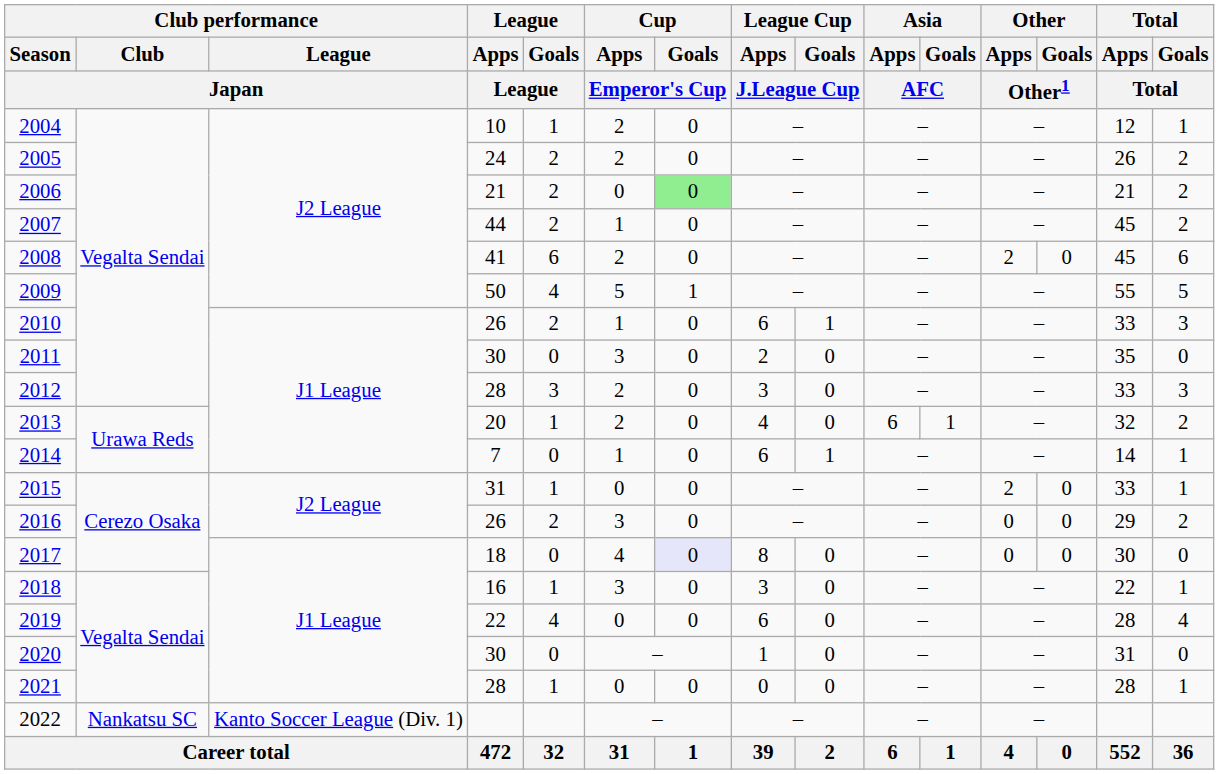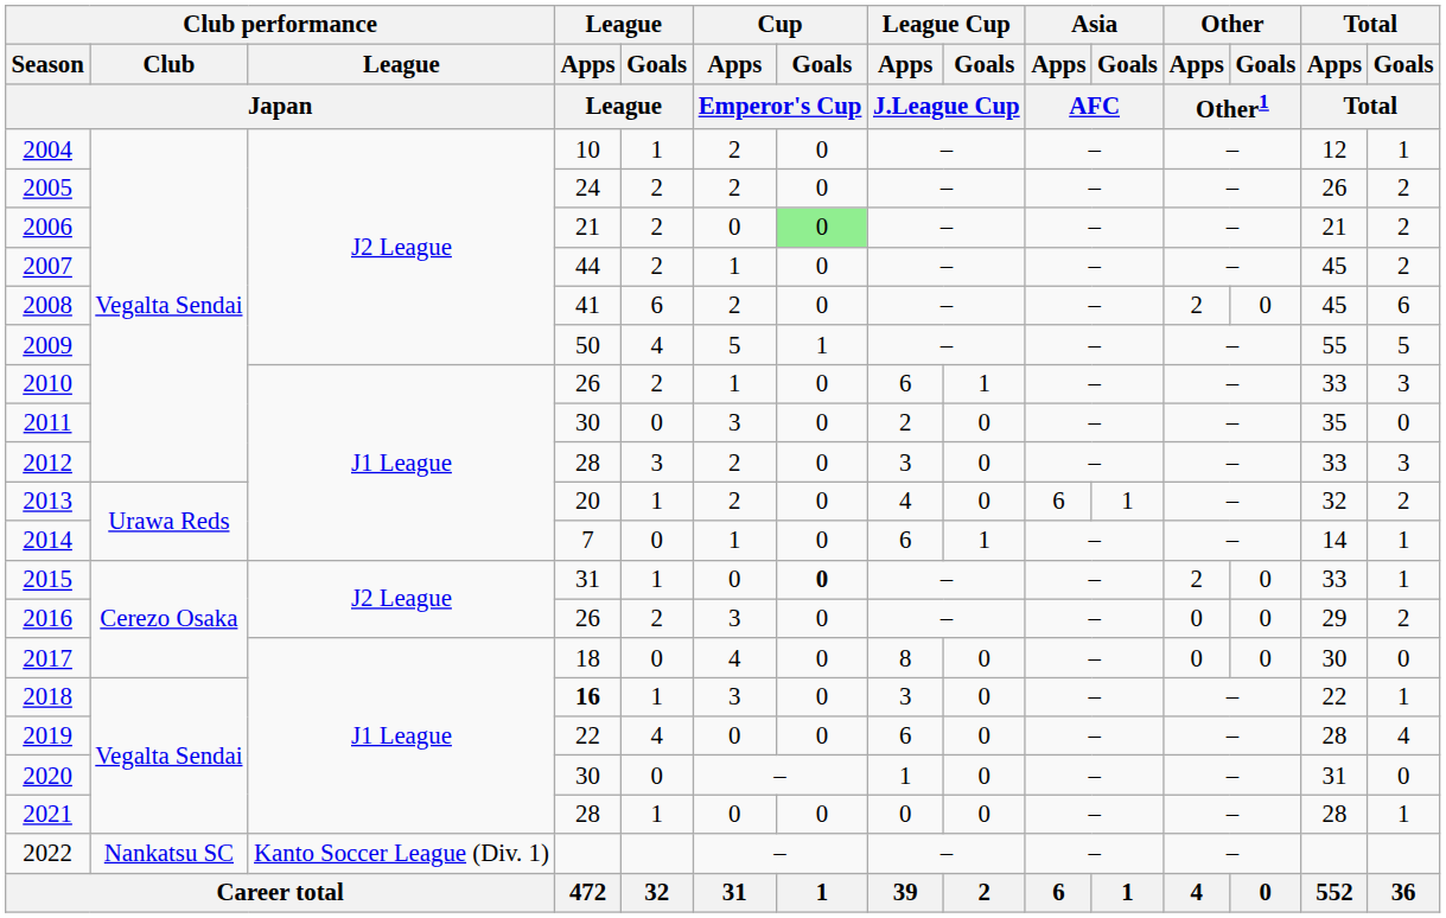 <table class="wikitable" style="text-align:center">
 <tr>
 <th colspan=3>Club performance</th>
 <th colspan=2>League</th>
 <th colspan=2>Cup</th>
 <th colspan=2>League Cup</th>
 <th colspan=2>Asia</th>
 <th colspan=2>Other</th>
 <th colspan=2>Total</th>
 </tr>
 <tr>
 <th>Season</th>
 <th>Club</th>
 <th>League</th>
 <th>Apps</th>
 <th>Goals</th>
 <th>Apps</th>
 <th>Goals</th>
 <th>Apps</th>
 <th>Goals</th>
 <th>Apps</th>
 <th>Goals</th>
 <th>Apps</th>
 <th>Goals</th>
 <th>Apps</th>
 <th>Goals</th>
 </tr>
 <tr>
 <th colspan=3>Japan</th>
 <th colspan=2>League</th>
 <th colspan=2><a href='#'>Emperor's Cup</a></th>
 <th colspan=2><a href='#'>J.League Cup</a></th>
 <th colspan="2"><a href='#'>AFC</a></th>
 <th colspan="2">Other<sup><a href='#'>1</a></sup></th>
 <th colspan=2>Total</th>
 </tr>
 <tr>
 <td><a href='#'>2004</a></td>
 <td rowspan="9"><a href='#'>Vegalta Sendai</a></td>
 <td rowspan="6"><a href='#'>J2 League</a></td>
 <td>10</td>
 <td>1</td>
 <td>2</td>
 <td>0</td>
 <td colspan="2">–</td>
 <td colspan="2">–</td>
 <td colspan="2">–</td>
 <td>12</td>
 <td>1</td>
 </tr>
 <tr>
 <td><a href='#'>2005</a></td>
 <td>24</td>
 <td>2</td>
 <td>2</td>
 <td>0</td>
 <td colspan="2">–</td>
 <td colspan="2">–</td>
 <td colspan="2">–</td>
 <td>26</td>
 <td>2</td>
 </tr>
 <tr>
 <td><a href='#'>2006</a></td>
 <td>21</td>
 <td>2</td>
 <td>0</td>
 <td style="background: lightgreen;">0</td>
 <td colspan="2">–</td>
 <td colspan="2">–</td>
 <td colspan="2">–</td>
 <td>21</td>
 <td>2</td>
 </tr>
 <tr>
 <td><a href='#'>2007</a></td>
 <td>44</td>
 <td>2</td>
 <td>1</td>
 <td>0</td>
 <td colspan="2">–</td>
 <td colspan="2">–</td>
 <td colspan="2">–</td>
 <td>45</td>
 <td>2</td>
 </tr>
 <tr>
 <td><a href='#'>2008</a></td>
 <td>41</td>
 <td>6</td>
 <td>2</td>
 <td>0</td>
 <td colspan="2">–</td>
 <td colspan="2">–</td>
 <td>2</td>
 <td>0</td>
 <td>45</td>
 <td>6</td>
 </tr>
 <tr>
 <td><a href='#'>2009</a></td>
 <td>50</td>
 <td>4</td>
 <td>5</td>
 <td>1</td>
 <td colspan="2">–</td>
 <td colspan="2">–</td>
 <td colspan="2">–</td>
 <td>55</td>
 <td>5</td>
 </tr>
 <tr>
 <td><a href='#'>2010</a></td>
 <td rowspan="5"><a href='#'>J1 League</a></td>
 <td>26</td>
 <td>2</td>
 <td>1</td>
 <td>0</td>
 <td>6</td>
 <td>1</td>
 <td colspan="2">–</td>
 <td colspan="2">–</td>
 <td>33</td>
 <td>3</td>
 </tr>
 <tr>
 <td><a href='#'>2011</a></td>
 <td>30</td>
 <td>0</td>
 <td>3</td>
 <td>0</td>
 <td>2</td>
 <td>0</td>
 <td colspan="2">–</td>
 <td colspan="2">–</td>
 <td>35</td>
 <td>0</td>
 </tr>
 <tr>
 <td><a href='#'>2012</a></td>
 <td>28</td>
 <td>3</td>
 <td>2</td>
 <td>0</td>
 <td>3</td>
 <td>0</td>
 <td colspan="2">–</td>
 <td colspan="2">–</td>
 <td>33</td>
 <td>3</td>
 </tr>
 <tr>
 <td><a href='#'>2013</a></td>
 <td rowspan="2"><a href='#'>Urawa Reds</a></td>
 <td>20</td>
 <td>1</td>
 <td>2</td>
 <td>0</td>
 <td>4</td>
 <td>0</td>
 <td>6</td>
 <td>1</td>
 <td colspan="2">–</td>
 <td>32</td>
 <td>2</td>
 </tr>
 <tr>
 <td><a href='#'>2014</a></td>
 <td>7</td>
 <td>0</td>
 <td>1</td>
 <td>0</td>
 <td>6</td>
 <td>1</td>
 <td colspan="2">–</td>
 <td colspan="2">–</td>
 <td>14</td>
 <td>1</td>
 </tr>
 <tr>
 <td><a href='#'>2015</a></td>
 <td rowspan="3"><a href='#'>Cerezo Osaka</a></td>
 <td rowspan="2"><a href='#'>J2 League</a></td>
 <td>31</td>
 <td>1</td>
 <td>0</td>
-<td>0</td>
+<td><strong>0</strong></td>
 <td colspan="2">–</td>
 <td colspan="2">–</td>
 <td>2</td>
 <td>0</td>
 <td>33</td>
 <td>1</td>
 </tr>
 <tr>
 <td><a href='#'>2016</a></td>
 <td>26</td>
 <td>2</td>
 <td>3</td>
 <td>0</td>
 <td colspan="2">–</td>
 <td colspan="2">–</td>
 <td>0</td>
 <td>0</td>
 <td>29</td>
 <td>2</td>
 </tr>
 <tr>
 <td><a href='#'>2017</a></td>
 <td rowspan="5"><a href='#'>J1 League</a></td>
 <td>18</td>
 <td>0</td>
 <td>4</td>
-<td style="background: lavender;">0</td>
+<td>0</td>
 <td>8</td>
 <td>0</td>
 <td colspan="2">–</td>
 <td>0</td>
 <td>0</td>
 <td>30</td>
 <td>0</td>
 </tr>
 <tr>
 <td><a href='#'>2018</a></td>
 <td rowspan="4"><a href='#'>Vegalta Sendai</a></td>
-<td>16</td>
+<td><strong>16</strong></td>
 <td>1</td>
 <td>3</td>
 <td>0</td>
 <td>3</td>
 <td>0</td>
 <td colspan="2">–</td>
 <td colspan="2">–</td>
 <td>22</td>
 <td>1</td>
 </tr>
 <tr>
 <td><a href='#'>2019</a></td>
 <td>22</td>
 <td>4</td>
 <td>0</td>
 <td>0</td>
 <td>6</td>
 <td>0</td>
 <td colspan="2">–</td>
 <td colspan="2">–</td>
 <td>28</td>
 <td>4</td>
 </tr>
 <tr>
 <td><a href='#'>2020</a></td>
 <td>30</td>
 <td>0</td>
 <td colspan="2">–</td>
 <td>1</td>
 <td>0</td>
 <td colspan="2">–</td>
 <td colspan="2">–</td>
 <td>31</td>
 <td>0</td>
 </tr>
 <tr>
 <td><a href='#'>2021</a></td>
 <td>28</td>
 <td>1</td>
 <td>0</td>
 <td>0</td>
 <td>0</td>
 <td>0</td>
 <td colspan="2">–</td>
 <td colspan="2">–</td>
 <td>28</td>
 <td>1</td>
 </tr>
 <tr>
 <td>2022</td>
 <td><a href='#'>Nankatsu SC</a></td>
 <td><a href='#'>Kanto Soccer League</a> (Div. 1)</td>
 <td></td>
 <td></td>
 <td colspan="2">–</td>
 <td colspan="2">–</td>
 <td colspan="2">–</td>
 <td colspan="2">–</td>
 <td></td>
 <td></td>
 </tr>
 <tr>
 <th colspan="3">Career total</th>
 <th>472</th>
 <th>32</th>
 <th>31</th>
 <th>1</th>
 <th>39</th>
 <th>2</th>
 <th>6</th>
 <th>1</th>
 <th>4</th>
 <th>0</th>
 <th>552</th>
 <th>36</th>
 </tr>
 </table>
